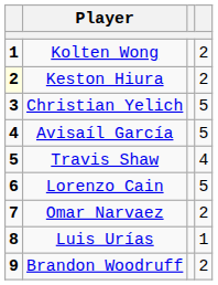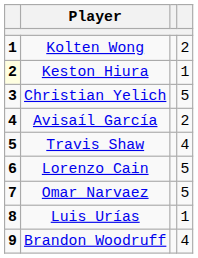 <table class="wikitable" style="text-align:center">
 <tr>
 <th></th>
 <th>Player</th>
 <th></th>
 <th></th>
 </tr>
 <tr>
 <th colspan="4"></th>
 </tr>
 <tr>
 <td><strong>1</strong></td>
 <td><a href='#'>Kolten Wong</a></td>
 <td></td>
 <td>2</td>
 </tr>
 <tr>
 <td style="background: lightyellow;"><strong>2</strong></td>
 <td><a href='#'>Keston Hiura</a></td>
 <td></td>
-<td>2</td>
+<td>1</td>
 </tr>
 <tr>
 <td><strong>3</strong></td>
 <td><a href='#'>Christian Yelich</a></td>
 <td></td>
 <td>5</td>
 </tr>
 <tr>
 <td><strong>4</strong></td>
 <td><a href='#'>Avisaíl García</a></td>
 <td></td>
-<td>5</td>
+<td>2</td>
 </tr>
 <tr>
 <td><strong>5</strong></td>
 <td><a href='#'>Travis Shaw</a></td>
 <td></td>
 <td>4</td>
 </tr>
 <tr>
 <td><strong>6</strong></td>
 <td><a href='#'>Lorenzo Cain</a></td>
 <td></td>
 <td>5</td>
 </tr>
 <tr>
 <td><strong>7</strong></td>
 <td><a href='#'>Omar Narvaez</a></td>
 <td></td>
-<td>2</td>
+<td>5</td>
 </tr>
 <tr>
 <td><strong>8</strong></td>
 <td><a href='#'>Luis Urías</a></td>
 <td></td>
 <td>1</td>
 </tr>
 <tr>
 <td><strong>9</strong></td>
 <td><a href='#'>Brandon Woodruff</a></td>
 <td></td>
-<td>2</td>
+<td>4</td>
 </tr>
 </table>
